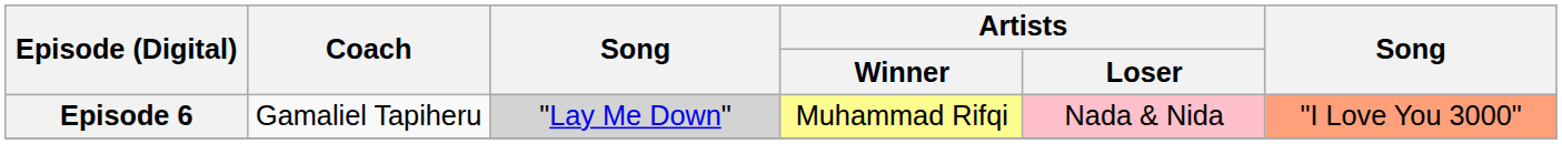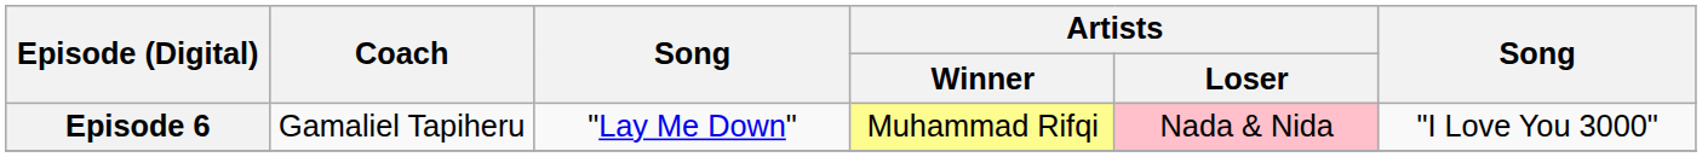 <table class="wikitable" style="text-align: center; width:100%;">
 <tr>
 <th rowspan="2" style="width:15%;">Episode (Digital)</th>
 <th rowspan="2" style="width:15%;">Coach</th>
 <th rowspan="2" style="width:18%;">Song</th>
 <th colspan="2" style="width:30%;">Artists</th>
 <th rowspan="2" style="width:18%;">Song</th>
 </tr>
 <tr>
 <th style="width:15%;">Winner</th>
 <th style="width:15%;">Loser</th>
 </tr>
 <tr>
 <th scope="col">Episode 6<br><small></small></th>
 <td>Gamaliel Tapiheru</td>
-<td style="background: lightgrey;">"<a href='#'>Lay Me Down</a>"</td>
+<td>"<a href='#'>Lay Me Down</a>"</td>
 <td style="background:#fdfc8f;">Muhammad Rifqi</td>
 <td style="background:pink;">Nada & Nida</td>
-<td style="background: lightsalmon;">"I Love You 3000"</td>
+<td>"I Love You 3000"</td>
 </tr>
 <tr>
 </tr>
 </table>
